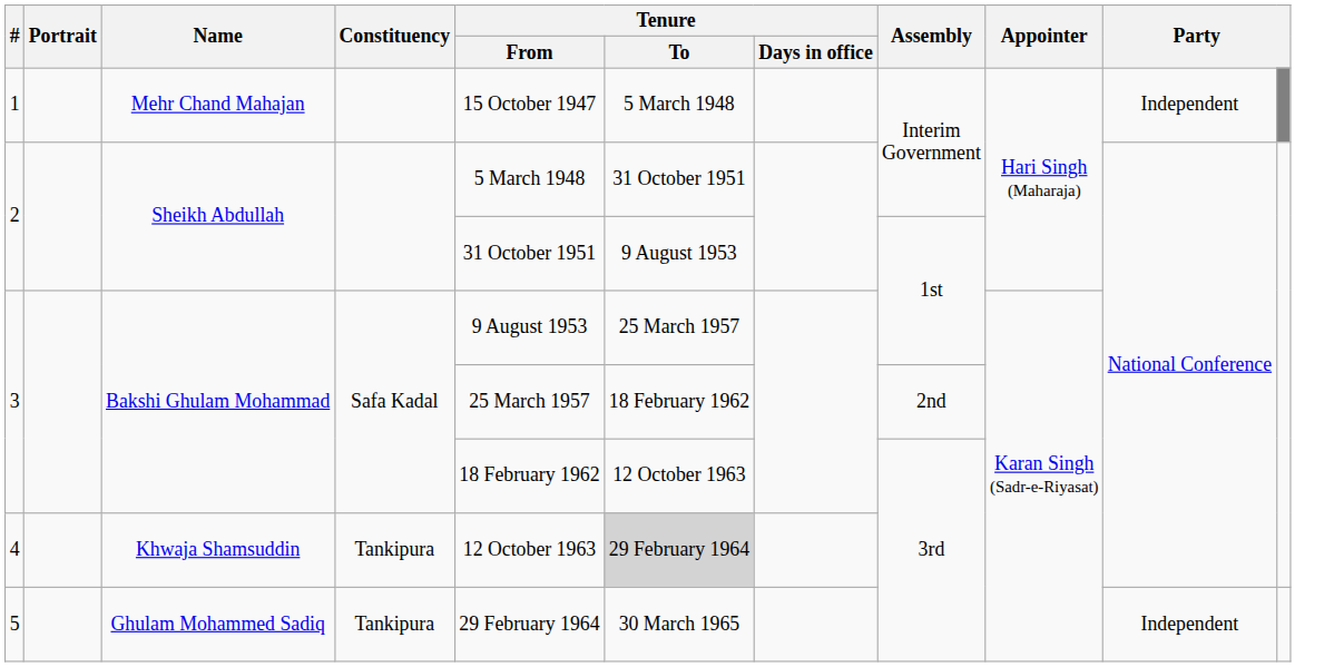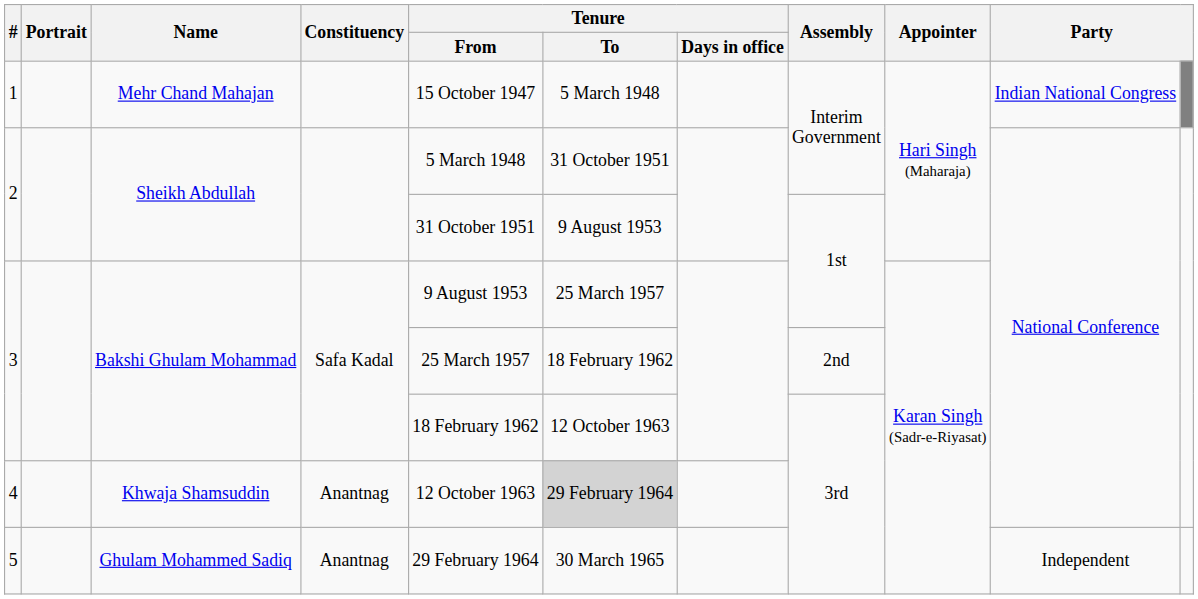 <table class="wikitable" style="text-align:center">
 <tr align="center">
 <th rowspan="2" scope="col">#</th>
 <th rowspan="2" scope="col">Portrait</th>
 <th rowspan="2" scope="col">Name</th>
 <th rowspan="2" scope="col">Constituency</th>
 <th colspan="3" scope="col">Tenure</th>
 <th rowspan="2">Assembly</th>
 <th rowspan="2">Appointer</th>
 <th colspan="2" rowspan="2" scope="col">Party</th>
 </tr>
 <tr>
 <th>From</th>
 <th>To</th>
 <th>Days in office</th>
 </tr>
 <tr align="center" style="height: 60px;">
 <td>1</td>
 <td></td>
 <td><a href='#'>Mehr Chand Mahajan</a></td>
 <td></td>
 <td>15 October 1947</td>
 <td>5 March 1948</td>
 <td></td>
 <td rowspan="2">Interim<br>Government</td>
 <td rowspan="3"><a href='#'>Hari Singh</a><br><small>(Maharaja)</small></td>
-<td>Independent</td>
+<td><a href='#'>Indian National Congress</a></td>
 <td width="4px" style="background-color: Grey"></td>
 </tr>
 <tr align="center" style="height: 60px;">
 <td rowspan="2">2</td>
 <td rowspan="2"></td>
 <td rowspan="2"><a href='#'>Sheikh Abdullah</a></td>
 <td rowspan="2"></td>
 <td>5 March 1948</td>
 <td>31 October 1951</td>
 <td rowspan="2"></td>
 <td rowspan="6"><a href='#'>National Conference</a></td>
 <td width="4px" rowspan="6" style="background-color: "></td>
 </tr>
 <tr align="center" style="height: 60px;">
 <td>31 October 1951</td>
 <td>9 August 1953</td>
 <td rowspan="2">1st<br></td>
 </tr>
 <tr align="center" style="height:60px;">
 <td rowspan="3">3</td>
 <td rowspan="3"></td>
 <td rowspan="3"><a href='#'>Bakshi Ghulam Mohammad</a></td>
 <td rowspan="3">Safa Kadal</td>
 <td>9 August 1953</td>
 <td>25 March 1957</td>
 <td rowspan="3"></td>
 <td rowspan="5"><a href='#'>Karan Singh</a><br><small>(Sadr-e-Riyasat)</small></td>
 </tr>
 <tr align="center" style="height: 60px;">
 <td>25 March 1957</td>
 <td>18 February 1962</td>
 <td>2nd<br></td>
 </tr>
 <tr align="center" style="height: 60px;">
 <td>18 February 1962</td>
 <td>12 October 1963</td>
 <td rowspan="3">3rd<br></td>
 </tr>
 <tr align="center" style="height: 60px;">
 <td>4</td>
 <td></td>
 <td><a href='#'>Khwaja Shamsuddin</a></td>
-<td>Tankipura</td>
+<td>Anantnag</td>
 <td>12 October 1963</td>
 <td style="background: lightgrey;">29 February 1964</td>
 <td></td>
 </tr>
 <tr align="center" style="height: 60px;">
 <td>5</td>
 <td></td>
 <td><a href='#'>Ghulam Mohammed Sadiq</a></td>
-<td>Tankipura</td>
+<td>Anantnag</td>
 <td>29 February 1964</td>
 <td>30 March 1965</td>
 <td></td>
 <td>Independent</td>
 <td width="4px" style="background-color: "></td>
 </tr>
 </table>
